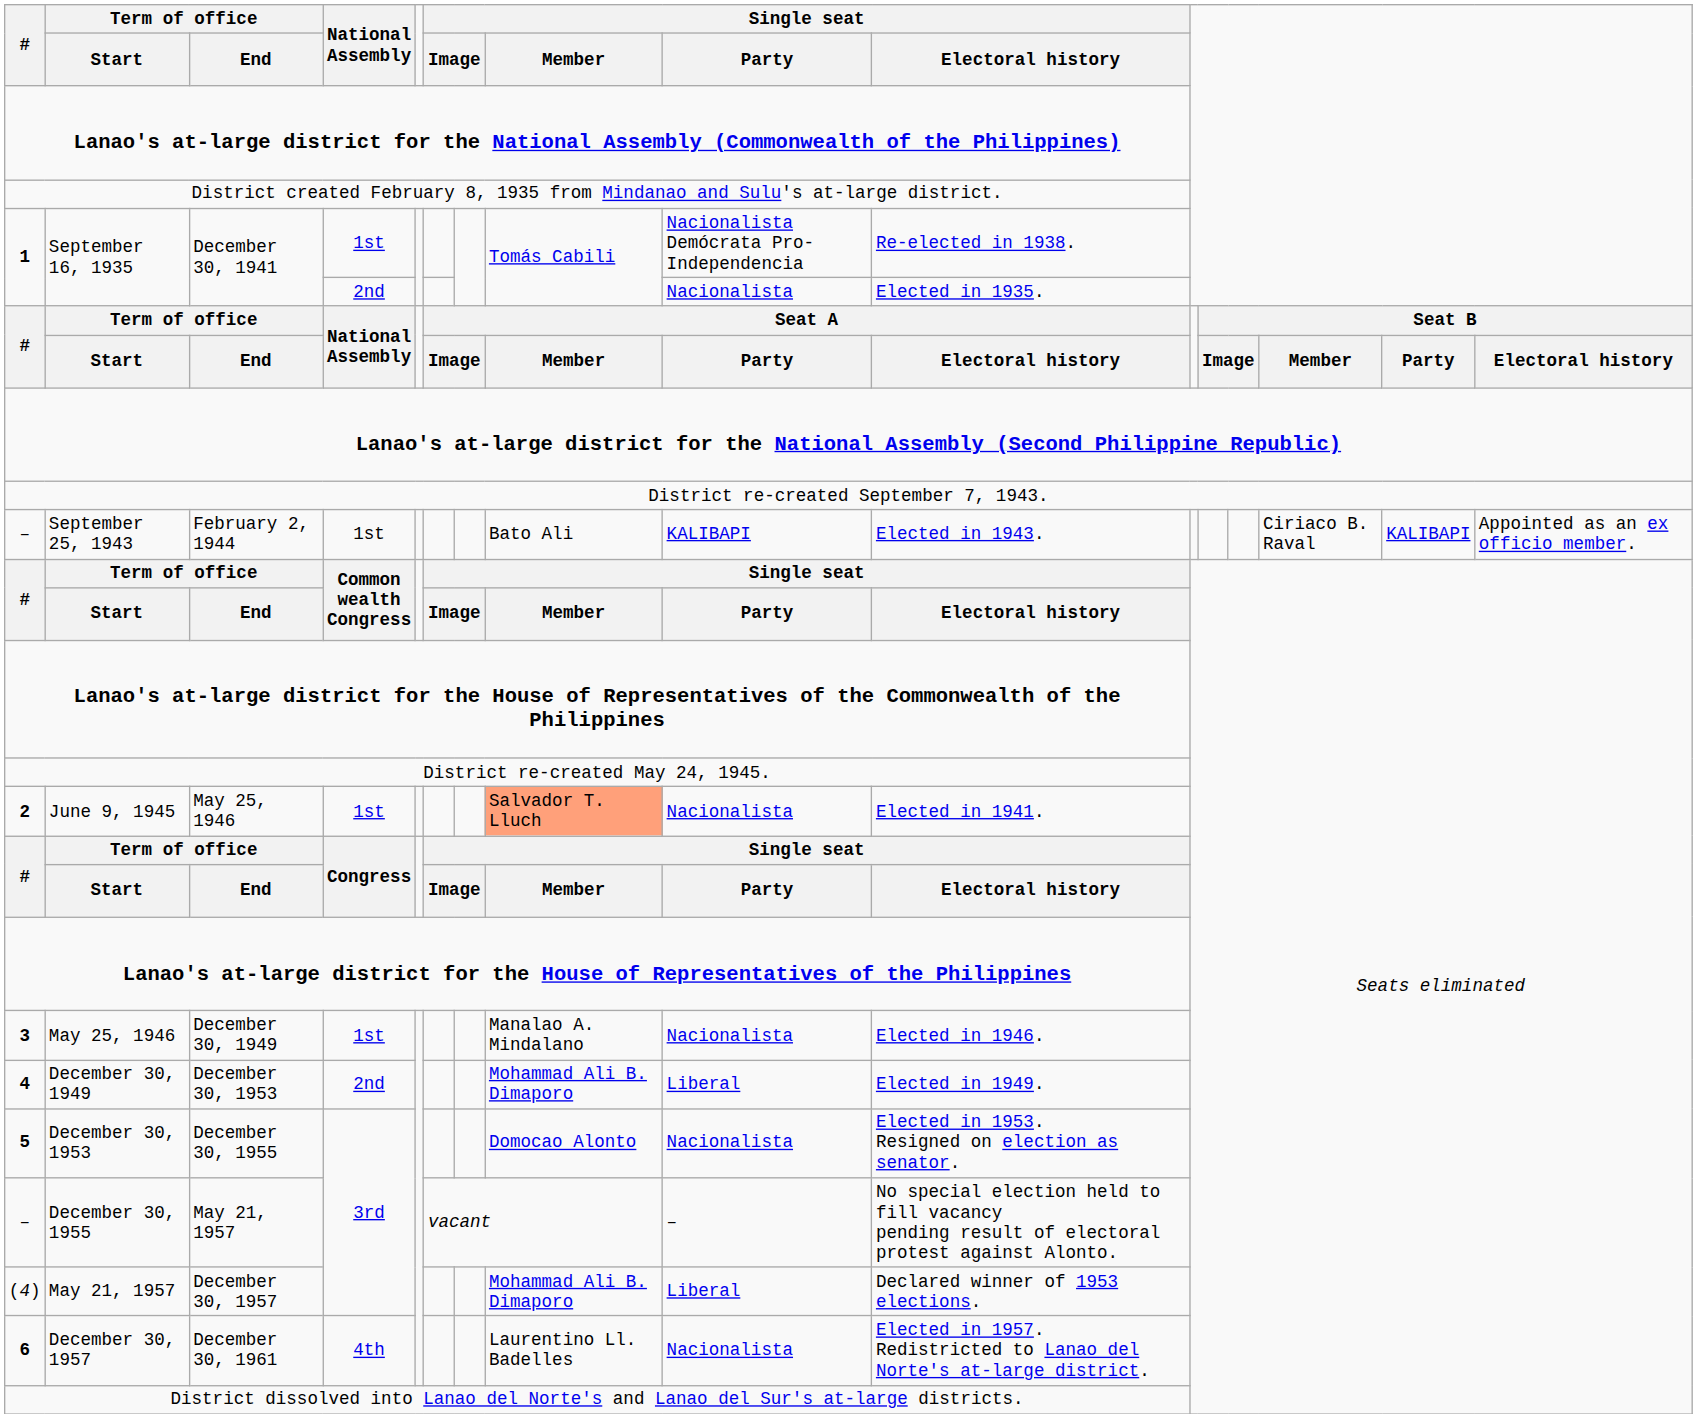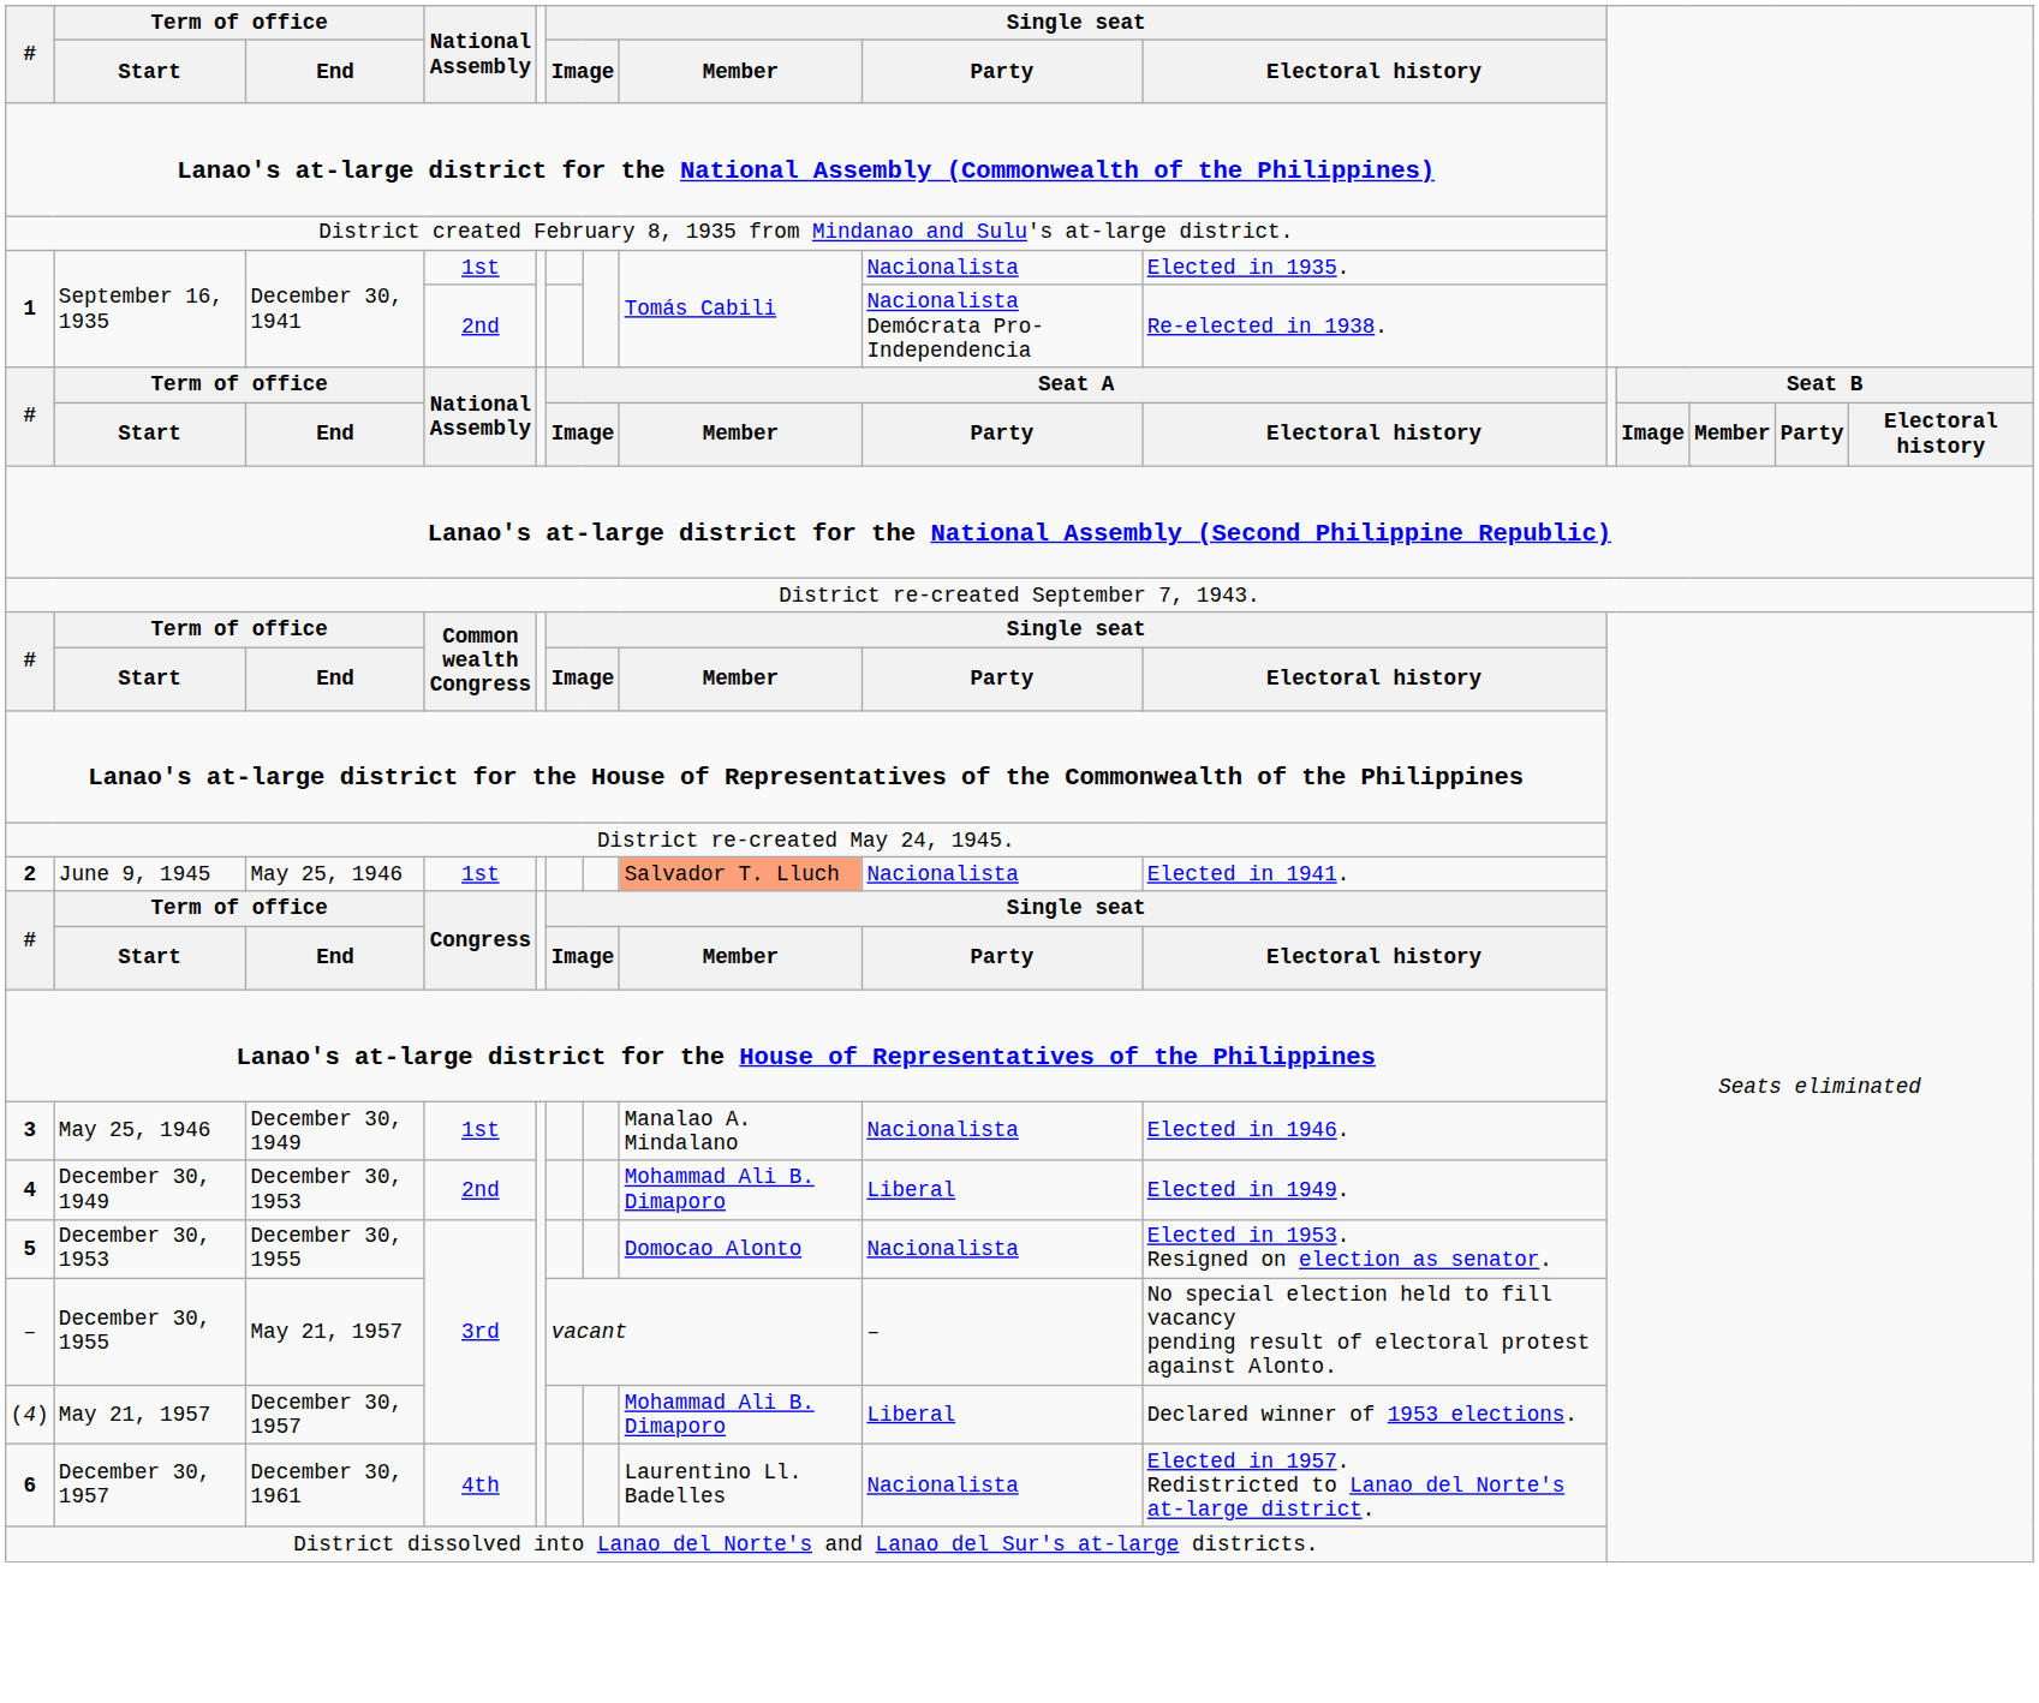 <table class=wikitable>
 <tr>
 <th rowspan=2>#</th>
 <th colspan=2>Term of office</th>
 <th rowspan=2>National<br>Assembly</th>
 <td rowspan=2></td>
 <th colspan=5>Single seat</th>
 </tr>
 <tr style="height:3em">
 <th>Start</th>
 <th>End</th>
 <th colspan="2" style="text-align:center;">Image</th>
 <th>Member</th>
 <th>Party</th>
 <th>Electoral history</th>
 </tr>
 <tr>
 <td colspan="10" style="text-align:center;"><br><h3>Lanao's at-large district for the <a href='#'>National Assembly (Commonwealth of the Philippines)</a></h3></td>
 </tr>
 <tr>
 <td colspan="10" style="text-align:center;">District created February 8, 1935 from <a href='#'>Mindanao and Sulu</a>'s at-large district.</td>
 </tr>
 <tr>
 <td rowspan="2" style="text-align:center;"><strong>1</strong></td>
 <td rowspan="2">September 16, 1935</td>
 <td rowspan="2">December 30, 1941</td>
 <td style="text-align:center;"><a href='#'>1st</a></td>
 <td rowspan=2></td>
 <td style="color:inherit;background:"></td>
 <td rowspan="2"></td>
 <td rowspan="2"><a href='#'>Tomás Cabili</a></td>
-<td><a href='#'>Nacionalista</a><br>Demócrata Pro-Independencia</td>
-<td><a href='#'>Re-elected in 1938</a>.</td>
+<td><a href='#'>Nacionalista</a></td>
+<td><a href='#'>Elected in 1935</a>.</td>
 </tr>
 <tr>
 <td style="text-align:center;"><a href='#'>2nd</a></td>
 <td style="color:inherit;background:"></td>
-<td><a href='#'>Nacionalista</a></td>
-<td><a href='#'>Elected in 1935</a>.</td>
+<td><a href='#'>Nacionalista</a><br>Demócrata Pro-Independencia</td>
+<td><a href='#'>Re-elected in 1938</a>.</td>
 </tr>
 <tr>
 <th rowspan=2>#</th>
 <th colspan=2>Term of office</th>
 <th rowspan=2>National<br>Assembly</th>
 <td rowspan=2></td>
 <th colspan=5>Seat A</th>
 <td rowspan=2></td>
 <th colspan=5>Seat B</th>
 </tr>
 <tr style="height:3em">
 <th>Start</th>
 <th>End</th>
 <th colspan="2" style="text-align:center;">Image</th>
 <th>Member</th>
 <th>Party</th>
 <th>Electoral history</th>
 <th colspan="2" style="text-align:center;">Image</th>
 <th>Member</th>
 <th>Party</th>
 <th>Electoral history</th>
 </tr>
 <tr>
 <td colspan="16" style="text-align:center;"><br><h3>Lanao's at-large district for the <a href='#'>National Assembly (Second Philippine Republic)</a></h3></td>
 </tr>
 <tr>
 <td colspan="16" style="text-align:center;">District re-created September 7, 1943.</td>
-</tr>
-<tr>
-<td style="text-align:center;">–</td>
-<td>September 25, 1943</td>
-<td>February 2, 1944</td>
-<td style="text-align:center;">1st</td>
-<td></td>
-<td style="color:inherit;background:"></td>
-<td></td>
-<td>Bato Ali</td>
-<td><a href='#'>KALIBAPI</a></td>
-<td><a href='#'>Elected in 1943</a>.</td>
-<td></td>
-<td style="color:inherit;background:"></td>
-<td></td>
-<td>Ciriaco B. Raval</td>
-<td><a href='#'>KALIBAPI</a></td>
-<td>Appointed as an <a href='#'>ex officio member</a>.</td>
 </tr>
 <tr>
 <th rowspan=2>#</th>
 <th colspan=2>Term of office</th>
 <th rowspan=2>Common<br>wealth<br>Congress</th>
 <td rowspan=2></td>
 <th colspan=5>Single seat</th>
 <td rowspan=15 colspan=6 style="text-align:center;"><em>Seats eliminated</em></td>
 </tr>
 <tr style="height:3em">
 <th>Start</th>
 <th>End</th>
 <th colspan="2" style="text-align:center;">Image</th>
 <th>Member</th>
 <th>Party</th>
 <th>Electoral history</th>
 </tr>
 <tr>
 <td colspan="10" style="text-align:center;"><br><h3>Lanao's at-large district for the House of Representatives of the Commonwealth of the Philippines</h3></td>
 </tr>
 <tr>
 <td colspan="10" style="text-align:center;">District re-created May 24, 1945.</td>
 </tr>
 <tr>
 <td style="text-align:center;"><strong>2</strong></td>
 <td>June 9, 1945</td>
 <td>May 25, 1946</td>
 <td style="text-align:center;"><a href='#'>1st</a></td>
 <td></td>
 <td style="color:inherit;background:"></td>
 <td></td>
 <td style="background: lightsalmon;">Salvador T. Lluch</td>
 <td><a href='#'>Nacionalista</a></td>
 <td><a href='#'>Elected in 1941</a>.</td>
 </tr>
 <tr>
 <th rowspan=2>#</th>
 <th colspan=2>Term of office</th>
 <th rowspan=2>Congress</th>
 <td rowspan=2></td>
 <th colspan=5>Single seat</th>
 </tr>
 <tr style="height:3em">
 <th>Start</th>
 <th>End</th>
 <th colspan="2" style="text-align:center;">Image</th>
 <th>Member</th>
 <th>Party</th>
 <th>Electoral history</th>
 </tr>
 <tr>
 <td colspan="10" style="text-align:center;"><br><h3>Lanao's at-large district for the <a href='#'>House of Representatives of the Philippines</a></h3></td>
 </tr>
 <tr>
 <td style="text-align:center;"><strong>3</strong></td>
 <td>May 25, 1946</td>
 <td>December 30, 1949</td>
 <td style="text-align:center;"><a href='#'>1st</a></td>
 <td rowspan=6></td>
 <td style="color:inherit;background:"></td>
 <td></td>
 <td>Manalao A. Mindalano</td>
 <td><a href='#'>Nacionalista</a></td>
 <td><a href='#'>Elected in 1946</a>.</td>
 </tr>
 <tr>
 <td style="text-align:center;"><strong>4</strong></td>
 <td>December 30, 1949</td>
 <td>December 30, 1953</td>
 <td style="text-align:center;"><a href='#'>2nd</a></td>
 <td style="color:inherit;background:"></td>
 <td></td>
 <td><a href='#'>Mohammad Ali B. Dimaporo</a></td>
 <td><a href='#'>Liberal</a></td>
 <td><a href='#'>Elected in 1949</a>.</td>
 </tr>
 <tr>
 <td style="text-align:center;"><strong>5</strong></td>
 <td>December 30, 1953</td>
 <td>December 30, 1955</td>
 <td rowspan="3" style="text-align:center;"><a href='#'>3rd</a></td>
 <td style="color:inherit;background:"></td>
 <td></td>
 <td><a href='#'>Domocao Alonto</a></td>
 <td><a href='#'>Nacionalista</a></td>
 <td><a href='#'>Elected in 1953</a>.<br>Resigned on <a href='#'>election as senator</a>.</td>
 </tr>
 <tr>
 <td style="text-align:center;">–</td>
 <td>December 30, 1955</td>
 <td>May 21, 1957</td>
 <td colspan="3"><em>vacant</em></td>
 <td>–</td>
 <td>No special election held to fill vacancy<br>pending result of electoral protest against Alonto.</td>
 </tr>
 <tr>
 <td style="text-align:center;">(<em>4</em>)</td>
 <td>May 21, 1957</td>
 <td>December 30, 1957</td>
 <td style="color:inherit;background:"></td>
 <td></td>
 <td><a href='#'>Mohammad Ali B. Dimaporo</a></td>
 <td><a href='#'>Liberal</a></td>
 <td>Declared winner of <a href='#'>1953 elections</a>.</td>
 </tr>
 <tr>
 <td style="text-align:center;"><strong>6</strong></td>
 <td>December 30, 1957</td>
 <td>December 30, 1961</td>
 <td style="text-align:center;"><a href='#'>4th</a></td>
 <td style="color:inherit;background:"></td>
 <td></td>
 <td>Laurentino Ll. Badelles</td>
 <td><a href='#'>Nacionalista</a></td>
 <td><a href='#'>Elected in 1957</a>.<br>Redistricted to <a href='#'>Lanao del Norte's at-large district</a>.</td>
 </tr>
 <tr>
 <td colspan="10" style="text-align:center;">District dissolved into <a href='#'>Lanao del Norte's</a> and <a href='#'>Lanao del Sur's at-large</a> districts.</td>
 </tr>
 </table>
